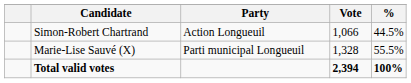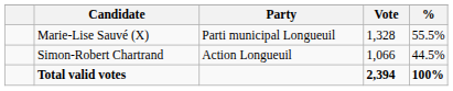 <table class="wikitable">
 <tr>
 </tr>
 <tr>
 <th bgcolor="#DDDDFF" width="30px"></th>
 <th bgcolor="#DDDDFF" width="200px">Candidate</th>
 <th bgcolor="#DDDDFF" width="200px">Party</th>
 <th bgcolor="#DDDDFF" width="50px">Vote</th>
 <th bgcolor="#DDDDFF" width="30px">%</th>
 </tr>
 <tr>
 <td> </td>
+<td>Marie-Lise Sauvé (X)</td>
+<td>Parti municipal Longueuil</td>
+<td>1,328</td>
+<td>55.5%</td>
+</tr>
+<tr>
+<td> </td>
 <td>Simon-Robert Chartrand</td>
 <td>Action Longueuil</td>
 <td>1,066</td>
 <td>44.5%</td>
-</tr>
-<tr>
-<td> </td>
-<td>Marie-Lise Sauvé (X)</td>
-<td>Parti municipal Longueuil</td>
-<td>1,328</td>
-<td>55.5%</td>
 </tr>
 <tr>
 <td> </td>
 <td><strong>Total valid votes</strong></td>
 <td></td>
 <td><strong>2,394</strong></td>
 <td><strong>100%</strong></td>
 </tr>
 </table>
